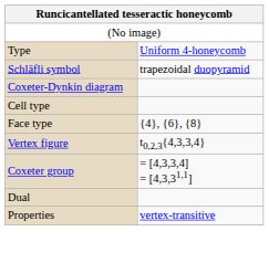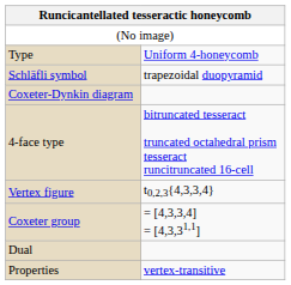 <table class="wikitable" align="right" style="margin-left:10px" width="360">
 <tr>
 <th bgcolor=#e7dcc3 colspan=2>Runcicantellated tesseractic honeycomb</th>
 </tr>
 <tr>
 <td bgcolor=#ffffff align=center colspan=2>(No image)</td>
 </tr>
 <tr>
 <td bgcolor=#e7dcc3>Type</td>
 <td><a href='#'>Uniform 4-honeycomb</a></td>
 </tr>
 <tr>
 <td bgcolor=#e7dcc3><a href='#'>Schläfli symbol</a></td>
 <td>trapezoidal <a href='#'>duopyramid</a></td>
 </tr>
 <tr>
 <td bgcolor=#e7dcc3><a href='#'>Coxeter-Dynkin diagram</a></td>
 <td><br></td>
 </tr>
 <tr>
-<td bgcolor=#e7dcc3>Cell type</td>
-<td></td>
-</tr>
-<tr>
-<td bgcolor=#e7dcc3>Face type</td>
-<td>{4}, {6}, {8}</td>
+<td bgcolor=#e7dcc3>4-face type</td>
+<td><a href='#'>bitruncated tesseract</a> <br><br><a href='#'>truncated octahedral prism</a> <br> <a href='#'>tesseract</a> <br> <a href='#'>runcitruncated 16-cell</a> </td>
 </tr>
 <tr>
 <td bgcolor=#e7dcc3><a href='#'>Vertex figure</a></td>
 <td>t<sub>0,2,3</sub>{4,3,3,4}</td>
 </tr>
 <tr>
 <td bgcolor=#e7dcc3><a href='#'>Coxeter group</a></td>
 <td> = [4,3,3,4]<br> = [4,3,3<sup>1,1</sup>]</td>
 </tr>
 <tr>
 <td bgcolor=#e7dcc3>Dual</td>
 <td></td>
 </tr>
 <tr>
 <td bgcolor=#e7dcc3>Properties</td>
 <td><a href='#'>vertex-transitive</a></td>
 </tr>
 </table>
